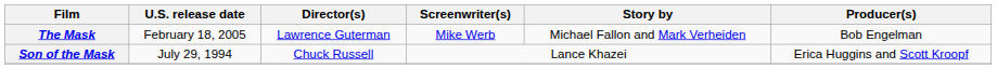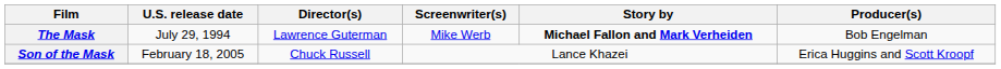 <table class="wikitable plainrowheaders"  style="text-align:center; width:100%;">
 <tr>
 <th scope="col">Film</th>
 <th scope="col">U.S. release date</th>
 <th scope="col">Director(s)</th>
 <th scope="col">Screenwriter(s)</th>
 <th scope="col">Story by</th>
 <th scope="col">Producer(s)</th>
 </tr>
 <tr>
 <th scope="row"><em><a href='#'>The Mask</a></em></th>
-<td>February 18, 2005</td>
+<td>July 29, 1994</td>
 <td><a href='#'>Lawrence Guterman</a></td>
 <td><a href='#'>Mike Werb</a></td>
-<td>Michael Fallon and <a href='#'>Mark Verheiden</a></td>
+<td><strong>Michael Fallon and <a href='#'>Mark Verheiden</a></strong></td>
 <td>Bob Engelman</td>
 </tr>
 <tr>
 <th scope="row"><em><a href='#'>Son of the Mask</a></em></th>
-<td>July 29, 1994</td>
+<td>February 18, 2005</td>
 <td><a href='#'>Chuck Russell</a></td>
 <td colspan="2">Lance Khazei</td>
 <td>Erica Huggins and <a href='#'>Scott Kroopf</a></td>
 </tr>
 <tr>
 </tr>
 </table>
